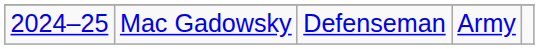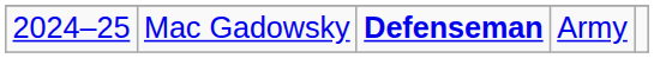 <table class="wikitable sortable">
 <tr>
 </tr>
 <tr align=center>
 <td><a href='#'>2024–25</a></td>
 <td><a href='#'>Mac Gadowsky</a></td>
-<td><a href='#'>Defenseman</a></td>
+<td><strong><a href='#'>Defenseman</a></strong></td>
 <td><a href='#'>Army</a></td>
 <td></td>
 </tr>
 </table>
